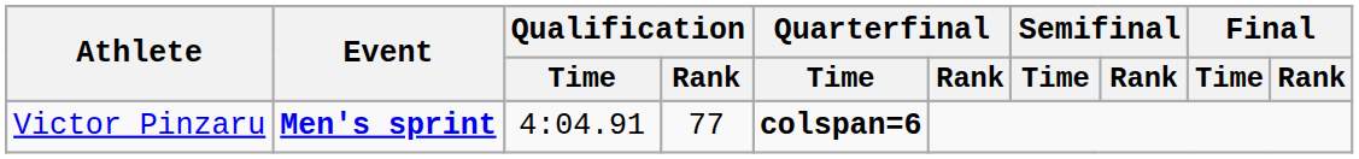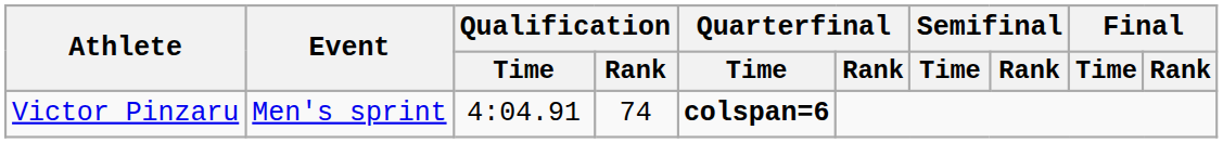 <table class="wikitable" style="font-size:90%">
 <tr>
 <th rowspan="2">Athlete</th>
 <th rowspan="2">Event</th>
 <th colspan="2">Qualification</th>
 <th colspan="2">Quarterfinal</th>
 <th colspan="2">Semifinal</th>
 <th colspan="2">Final</th>
 </tr>
 <tr style="font-size:95%">
 <th>Time</th>
 <th>Rank</th>
 <th>Time</th>
 <th>Rank</th>
 <th>Time</th>
 <th>Rank</th>
 <th>Time</th>
 <th>Rank</th>
 </tr>
 <tr align=center>
 <td align=left><a href='#'>Victor Pinzaru</a></td>
-<td align=left><strong><a href='#'>Men's sprint</a></strong></td>
+<td align=left><a href='#'>Men's sprint</a></td>
 <td>4:04.91</td>
-<td>77</td>
+<td>74</td>
 <td><strong>colspan=6 </strong></td>
 </tr>
 </table>
